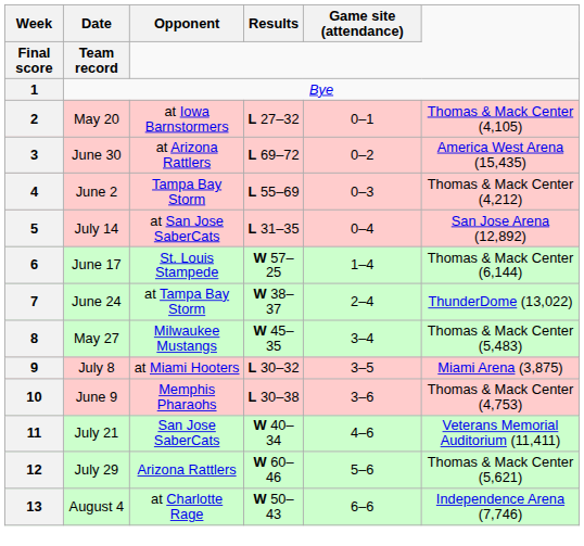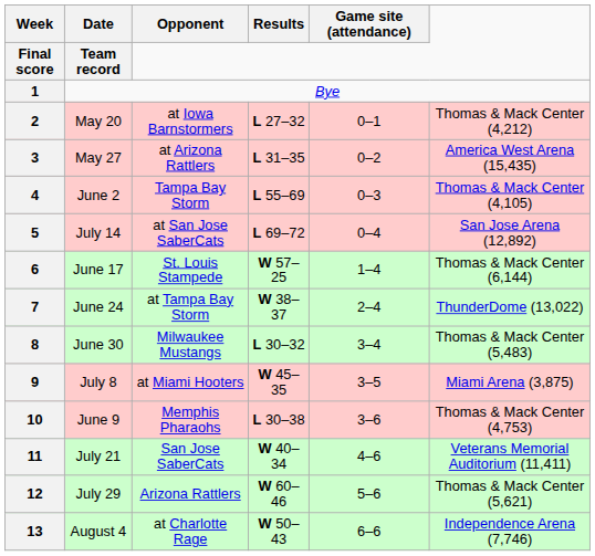 <table class="wikitable" style="font-size: 92%;" "align=center">
 <tr>
 <th>Week</th>
 <th>Date</th>
 <th>Opponent</th>
 <th>Results</th>
 <th>Game site (attendance)</th>
 </tr>
 <tr>
 <th>Final score</th>
 <th>Team record</th>
 </tr>
 <tr style=>
 <th>1</th>
 <td colspan="8" style="text-align:center;"><em><a href='#'>Bye</a></em></td>
 </tr>
 <tr style="background:#fcc">
 <th>2</th>
 <td style="text-align:center;">May 20</td>
 <td style="text-align:center;">at <a href='#'>Iowa Barnstormers</a></td>
 <td style="text-align:center;"><strong>L</strong> 27–32</td>
 <td style="text-align:center;">0–1</td>
-<td style="text-align:center;"><a href='#'>Thomas & Mack Center</a> (4,105)</td>
+<td style="text-align:center;">Thomas & Mack Center (4,212)</td>
 </tr>
 <tr style="background:#fcc">
 <th>3</th>
-<td style="text-align:center;">June 30</td>
+<td style="text-align:center;">May 27</td>
 <td style="text-align:center;">at <a href='#'>Arizona Rattlers</a></td>
-<td style="text-align:center;"><strong>L</strong> 69–72</td>
+<td style="text-align:center;"><strong>L</strong> 31–35</td>
 <td style="text-align:center;">0–2</td>
 <td style="text-align:center;"><a href='#'>America West Arena</a> (15,435)</td>
 </tr>
 <tr style="background:#fcc">
 <th>4</th>
 <td style="text-align:center;">June 2</td>
 <td style="text-align:center;"><a href='#'>Tampa Bay Storm</a></td>
 <td style="text-align:center;"><strong>L</strong> 55–69</td>
 <td style="text-align:center;">0–3</td>
-<td style="text-align:center;">Thomas & Mack Center (4,212)</td>
+<td style="text-align:center;"><a href='#'>Thomas & Mack Center</a> (4,105)</td>
 </tr>
 <tr style="background:#fcc">
 <th>5</th>
 <td style="text-align:center;">July 14</td>
 <td style="text-align:center;">at <a href='#'>San Jose SaberCats</a></td>
-<td style="text-align:center;"><strong>L</strong> 31–35</td>
+<td style="text-align:center;"><strong>L</strong> 69–72</td>
 <td style="text-align:center;">0–4</td>
 <td style="text-align:center;"><a href='#'>San Jose Arena</a> (12,892)</td>
 </tr>
 <tr style="background:#cfc">
 <th>6</th>
 <td style="text-align:center;">June 17</td>
 <td style="text-align:center;"><a href='#'>St. Louis Stampede</a></td>
 <td style="text-align:center;"><strong>W</strong> 57–25</td>
 <td style="text-align:center;">1–4</td>
 <td style="text-align:center;">Thomas & Mack Center (6,144)</td>
 </tr>
 <tr style="background:#cfc">
 <th>7</th>
 <td style="text-align:center;">June 24</td>
 <td style="text-align:center;">at <a href='#'>Tampa Bay Storm</a></td>
 <td style="text-align:center;"><strong>W</strong> 38–37</td>
 <td style="text-align:center;">2–4</td>
 <td style="text-align:center;"><a href='#'>ThunderDome</a> (13,022)</td>
 </tr>
 <tr style="background:#cfc">
 <th>8</th>
-<td style="text-align:center;">May 27</td>
+<td style="text-align:center;">June 30</td>
 <td style="text-align:center;"><a href='#'>Milwaukee Mustangs</a></td>
-<td style="text-align:center;"><strong>W</strong> 45–35</td>
+<td style="text-align:center;"><strong>L</strong> 30–32</td>
 <td style="text-align:center;">3–4</td>
 <td style="text-align:center;">Thomas & Mack Center (5,483)</td>
 </tr>
 <tr style="background:#fcc">
 <th>9</th>
 <td style="text-align:center;">July 8</td>
 <td style="text-align:center;">at <a href='#'>Miami Hooters</a></td>
-<td style="text-align:center;"><strong>L</strong> 30–32</td>
+<td style="text-align:center;"><strong>W</strong> 45–35</td>
 <td style="text-align:center;">3–5</td>
 <td style="text-align:center;"><a href='#'>Miami Arena</a> (3,875)</td>
 </tr>
 <tr style="background:#fcc">
 <th>10</th>
 <td style="text-align:center;">June 9</td>
 <td style="text-align:center;"><a href='#'>Memphis Pharaohs</a></td>
 <td style="text-align:center;"><strong>L</strong> 30–38</td>
 <td style="text-align:center;">3–6</td>
 <td style="text-align:center;">Thomas & Mack Center (4,753)</td>
 </tr>
 <tr style="background:#cfc">
 <th>11</th>
 <td style="text-align:center;">July 21</td>
 <td style="text-align:center;"><a href='#'>San Jose SaberCats</a></td>
 <td style="text-align:center;"><strong>W</strong> 40–34</td>
 <td style="text-align:center;">4–6</td>
 <td style="text-align:center;"><a href='#'>Veterans Memorial Auditorium</a> (11,411)</td>
 </tr>
 <tr style="background:#cfc">
 <th>12</th>
 <td style="text-align:center;">July 29</td>
 <td style="text-align:center;"><a href='#'>Arizona Rattlers</a></td>
 <td style="text-align:center;"><strong>W</strong> 60–46</td>
 <td style="text-align:center;">5–6</td>
 <td style="text-align:center;">Thomas & Mack Center (5,621)</td>
 </tr>
 <tr style="background:#cfc">
 <th>13</th>
 <td style="text-align:center;">August 4</td>
 <td style="text-align:center;">at <a href='#'>Charlotte Rage</a></td>
 <td style="text-align:center;"><strong>W</strong> 50–43</td>
 <td style="text-align:center;">6–6</td>
 <td style="text-align:center;"><a href='#'>Independence Arena</a> (7,746)</td>
 </tr>
 </table>
